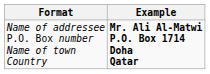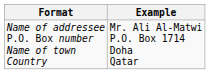 <table class="wikitable">
 <tr>
 <th>Format</th>
 <th>Example</th>
 </tr>
 <tr>
 <td><em>Name of addressee</em> <br> P.O. Box <em>number</em> <br> <em>Name of town</em> <br> <em>Country</em></td>
-<td><strong>Mr. Ali Al-Matwi <br> P.O. Box 1714 <br> Doha<br> Qatar</strong></td>
+<td>Mr. Ali Al-Matwi <br> P.O. Box 1714 <br> Doha<br> Qatar</td>
 </tr>
 </table>
